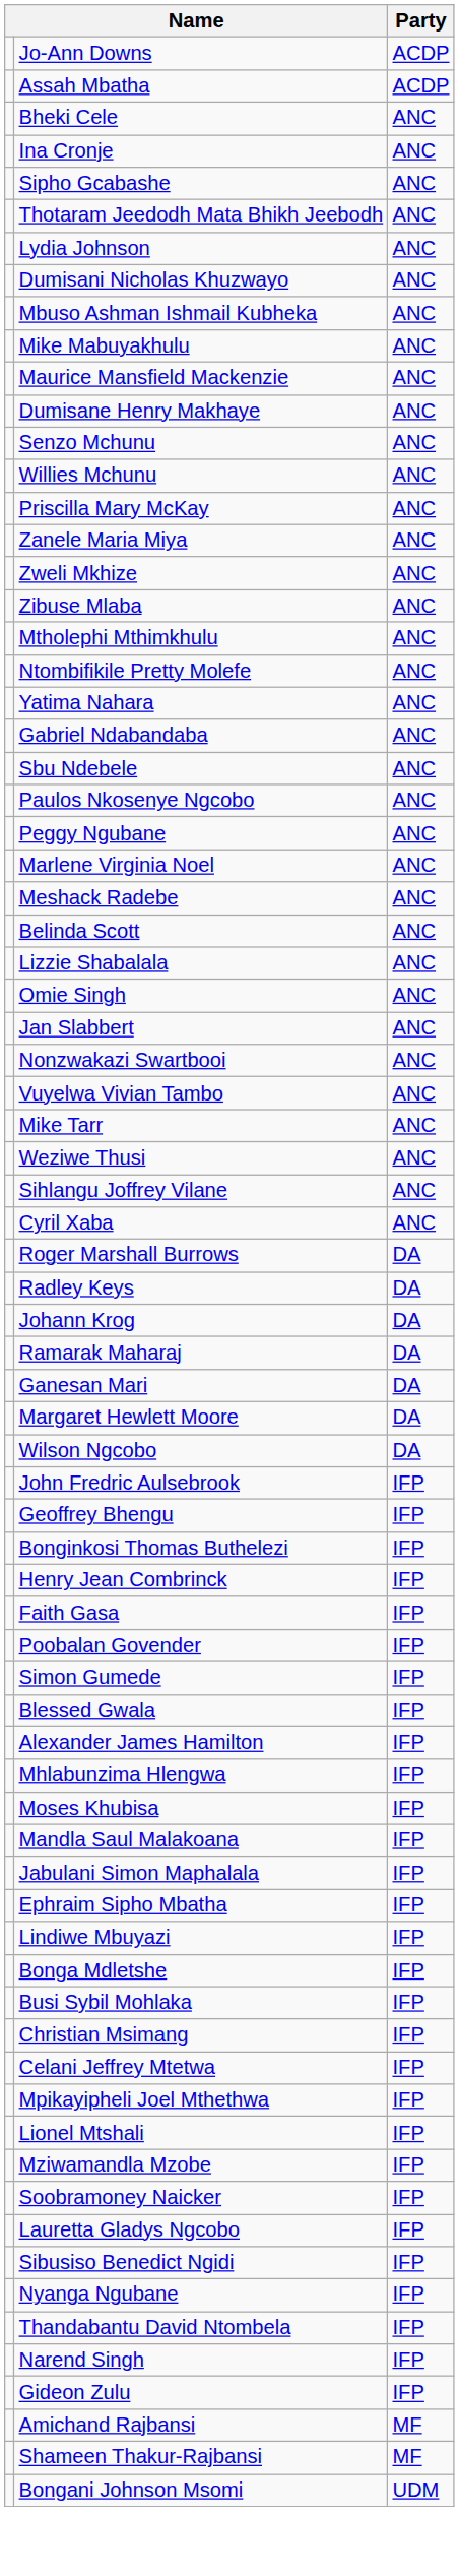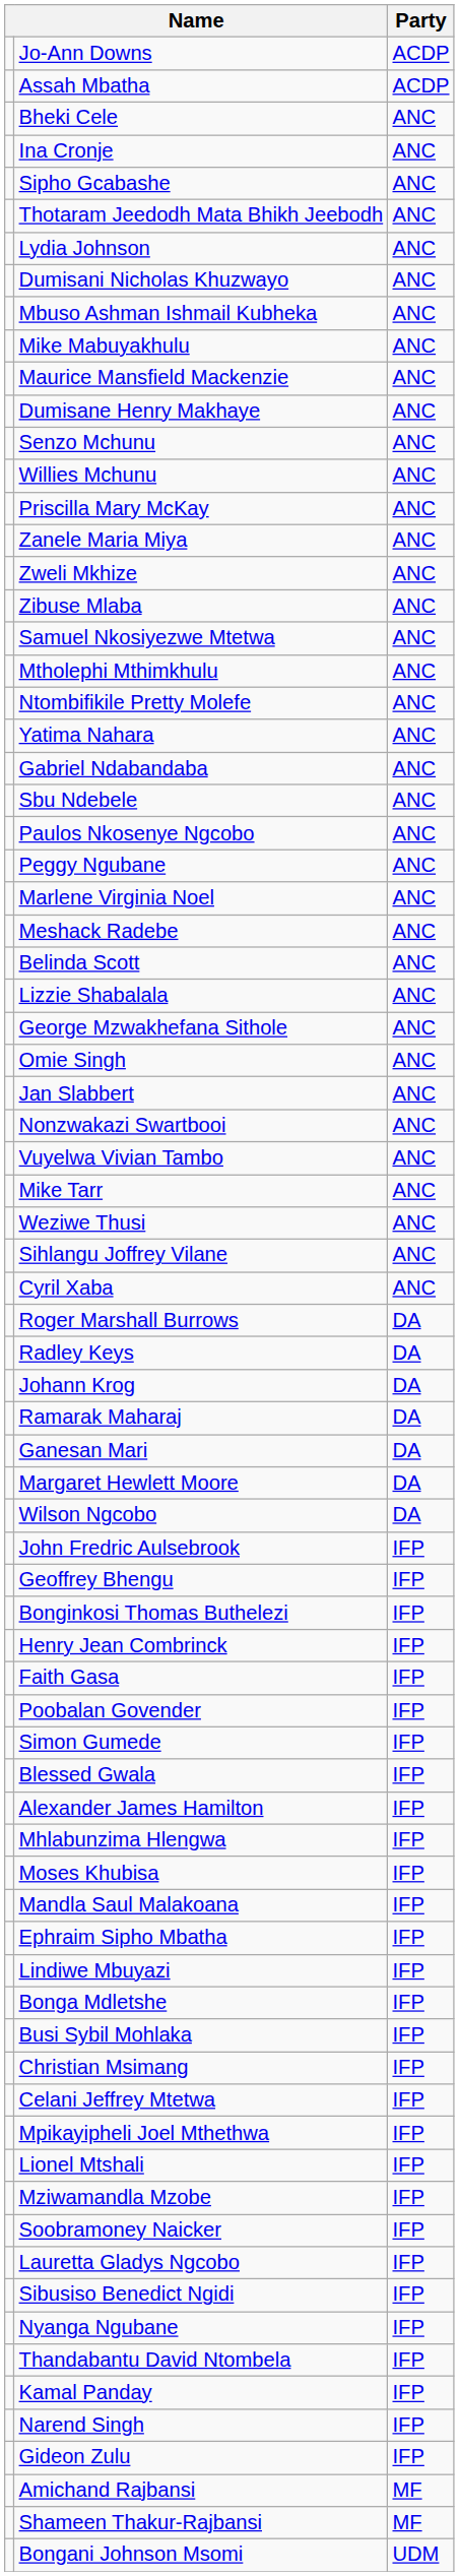 <table class="wikitable sortable plainrowheaders">
 <tr>
 <th colspan="2" scope="col">Name</th>
 <th scope="col">Party</th>
 </tr>
 <tr>
 <td style="background-color: "></td>
 <td><a href='#'>Jo-Ann Downs</a></td>
 <td><a href='#'>ACDP</a></td>
 </tr>
 <tr>
 <td style="background-color: "></td>
 <td><a href='#'>Assah Mbatha</a></td>
 <td><a href='#'>ACDP</a></td>
 </tr>
 <tr>
 <td style="background-color: "></td>
 <td><a href='#'>Bheki Cele</a></td>
 <td><a href='#'>ANC</a></td>
 </tr>
 <tr>
 <td style="background-color: "></td>
 <td><a href='#'>Ina Cronje</a></td>
 <td><a href='#'>ANC</a></td>
 </tr>
 <tr>
 <td style="background-color: "></td>
 <td><a href='#'>Sipho Gcabashe</a></td>
 <td><a href='#'>ANC</a></td>
 </tr>
 <tr>
 <td style="background-color: "></td>
 <td><a href='#'>Thotaram Jeedodh Mata Bhikh Jeebodh</a></td>
 <td><a href='#'>ANC</a></td>
 </tr>
 <tr>
 <td style="background-color: "></td>
 <td><a href='#'>Lydia Johnson</a></td>
 <td><a href='#'>ANC</a></td>
 </tr>
 <tr>
 <td style="background-color: "></td>
 <td><a href='#'>Dumisani Nicholas Khuzwayo</a></td>
 <td><a href='#'>ANC</a></td>
 </tr>
 <tr>
 <td style="background-color: "></td>
 <td><a href='#'>Mbuso Ashman Ishmail Kubheka</a></td>
 <td><a href='#'>ANC</a></td>
 </tr>
 <tr>
 <td style="background-color: "></td>
 <td><a href='#'>Mike Mabuyakhulu</a></td>
 <td><a href='#'>ANC</a></td>
 </tr>
 <tr>
 <td style="background-color: "></td>
 <td><a href='#'>Maurice Mansfield Mackenzie</a></td>
 <td><a href='#'>ANC</a></td>
 </tr>
 <tr>
 <td style="background-color: "></td>
 <td><a href='#'>Dumisane Henry Makhaye</a></td>
 <td><a href='#'>ANC</a></td>
 </tr>
 <tr>
 <td style="background-color: "></td>
 <td><a href='#'>Senzo Mchunu</a></td>
 <td><a href='#'>ANC</a></td>
 </tr>
 <tr>
 <td style="background-color: "></td>
 <td><a href='#'>Willies Mchunu</a></td>
 <td><a href='#'>ANC</a></td>
 </tr>
 <tr>
 <td style="background-color: "></td>
 <td><a href='#'>Priscilla Mary McKay</a></td>
 <td><a href='#'>ANC</a></td>
 </tr>
 <tr>
 <td style="background-color: "></td>
 <td><a href='#'>Zanele Maria Miya</a></td>
 <td><a href='#'>ANC</a></td>
 </tr>
 <tr>
 <td style="background-color: "></td>
 <td><a href='#'>Zweli Mkhize</a></td>
 <td><a href='#'>ANC</a></td>
 </tr>
 <tr>
 <td style="background-color: "></td>
 <td><a href='#'>Zibuse Mlaba</a></td>
 <td><a href='#'>ANC</a></td>
 </tr>
 <tr>
 <td style="background-color: "></td>
+<td><a href='#'>Samuel Nkosiyezwe Mtetwa</a></td>
+<td><a href='#'>ANC</a></td>
+</tr>
+<tr>
+<td style="background-color: "></td>
 <td><a href='#'>Mtholephi Mthimkhulu</a></td>
 <td><a href='#'>ANC</a></td>
 </tr>
 <tr>
 <td style="background-color: "></td>
 <td><a href='#'>Ntombifikile Pretty Molefe</a></td>
 <td><a href='#'>ANC</a></td>
 </tr>
 <tr>
 <td style="background-color: "></td>
 <td><a href='#'>Yatima Nahara</a></td>
 <td><a href='#'>ANC</a></td>
 </tr>
 <tr>
 <td style="background-color: "></td>
 <td><a href='#'>Gabriel Ndabandaba</a></td>
 <td><a href='#'>ANC</a></td>
 </tr>
 <tr>
 <td style="background-color: "></td>
 <td><a href='#'>Sbu Ndebele</a></td>
 <td><a href='#'>ANC</a></td>
 </tr>
 <tr>
 <td style="background-color: "></td>
 <td><a href='#'>Paulos Nkosenye Ngcobo</a></td>
 <td><a href='#'>ANC</a></td>
 </tr>
 <tr>
 <td style="background-color: "></td>
 <td><a href='#'>Peggy Ngubane</a></td>
 <td><a href='#'>ANC</a></td>
 </tr>
 <tr>
 <td style="background-color: "></td>
 <td><a href='#'>Marlene Virginia Noel</a></td>
 <td><a href='#'>ANC</a></td>
 </tr>
 <tr>
 <td style="background-color: "></td>
 <td><a href='#'>Meshack Radebe</a></td>
 <td><a href='#'>ANC</a></td>
 </tr>
 <tr>
 <td style="background-color: "></td>
 <td><a href='#'>Belinda Scott</a></td>
 <td><a href='#'>ANC</a></td>
 </tr>
 <tr>
 <td style="background-color: "></td>
 <td><a href='#'>Lizzie Shabalala</a></td>
+<td><a href='#'>ANC</a></td>
+</tr>
+<tr>
+<td style="background-color: "></td>
+<td><a href='#'>George Mzwakhefana Sithole</a></td>
 <td><a href='#'>ANC</a></td>
 </tr>
 <tr>
 <td style="background-color: "></td>
 <td><a href='#'>Omie Singh</a></td>
 <td><a href='#'>ANC</a></td>
 </tr>
 <tr>
 <td style="background-color: "></td>
 <td><a href='#'>Jan Slabbert</a></td>
 <td><a href='#'>ANC</a></td>
 </tr>
 <tr>
 <td style="background-color: "></td>
 <td><a href='#'>Nonzwakazi Swartbooi</a></td>
 <td><a href='#'>ANC</a></td>
 </tr>
 <tr>
 <td style="background-color: "></td>
 <td><a href='#'>Vuyelwa Vivian Tambo</a></td>
 <td><a href='#'>ANC</a></td>
 </tr>
 <tr>
 <td style="background-color: "></td>
 <td><a href='#'>Mike Tarr</a></td>
 <td><a href='#'>ANC</a></td>
 </tr>
 <tr>
 <td style="background-color: "></td>
 <td><a href='#'>Weziwe Thusi</a></td>
 <td><a href='#'>ANC</a></td>
 </tr>
 <tr>
 <td style="background-color: "></td>
 <td><a href='#'>Sihlangu Joffrey Vilane</a></td>
 <td><a href='#'>ANC</a></td>
 </tr>
 <tr>
 <td style="background-color: "></td>
 <td><a href='#'>Cyril Xaba</a></td>
 <td><a href='#'>ANC</a></td>
 </tr>
 <tr>
 <td></td>
 <td><a href='#'>Roger Marshall Burrows</a></td>
 <td><a href='#'>DA</a></td>
 </tr>
 <tr>
 <td></td>
 <td><a href='#'>Radley Keys</a></td>
 <td><a href='#'>DA</a></td>
 </tr>
 <tr>
 <td></td>
 <td><a href='#'>Johann Krog</a></td>
 <td><a href='#'>DA</a></td>
 </tr>
 <tr>
 <td></td>
 <td><a href='#'>Ramarak Maharaj</a></td>
 <td><a href='#'>DA</a></td>
 </tr>
 <tr>
 <td></td>
 <td><a href='#'>Ganesan Mari</a></td>
 <td><a href='#'>DA</a></td>
 </tr>
 <tr>
 <td></td>
 <td><a href='#'>Margaret Hewlett Moore</a></td>
 <td><a href='#'>DA</a></td>
 </tr>
 <tr>
 <td></td>
 <td><a href='#'>Wilson Ngcobo</a></td>
 <td><a href='#'>DA</a></td>
 </tr>
 <tr>
 <td style="background-color: "></td>
 <td><a href='#'>John Fredric Aulsebrook</a></td>
 <td><a href='#'>IFP</a></td>
 </tr>
 <tr>
 <td style="background-color: "></td>
 <td><a href='#'>Geoffrey Bhengu</a></td>
 <td><a href='#'>IFP</a></td>
 </tr>
 <tr>
 <td style="background-color: "></td>
 <td><a href='#'>Bonginkosi Thomas Buthelezi</a></td>
 <td><a href='#'>IFP</a></td>
 </tr>
 <tr>
 <td style="background-color: "></td>
 <td><a href='#'>Henry Jean Combrinck</a></td>
 <td><a href='#'>IFP</a></td>
 </tr>
 <tr>
 <td style="background-color: "></td>
 <td><a href='#'>Faith Gasa</a></td>
 <td><a href='#'>IFP</a></td>
 </tr>
 <tr>
 <td style="background-color: "></td>
 <td><a href='#'>Poobalan Govender</a></td>
 <td><a href='#'>IFP</a></td>
 </tr>
 <tr>
 <td style="background-color: "></td>
 <td><a href='#'>Simon Gumede</a></td>
 <td><a href='#'>IFP</a></td>
 </tr>
 <tr>
 <td style="background-color: "></td>
 <td><a href='#'>Blessed Gwala</a></td>
 <td><a href='#'>IFP</a></td>
 </tr>
 <tr>
 <td style="background-color: "></td>
 <td><a href='#'>Alexander James Hamilton</a></td>
 <td><a href='#'>IFP</a></td>
 </tr>
 <tr>
 <td style="background-color: "></td>
 <td><a href='#'>Mhlabunzima Hlengwa</a></td>
 <td><a href='#'>IFP</a></td>
 </tr>
 <tr>
 <td style="background-color: "></td>
 <td><a href='#'>Moses Khubisa</a></td>
 <td><a href='#'>IFP</a></td>
 </tr>
 <tr>
 <td style="background-color: "></td>
 <td><a href='#'>Mandla Saul Malakoana</a></td>
 <td><a href='#'>IFP</a></td>
 </tr>
 <tr>
 <td style="background-color: "></td>
-<td><a href='#'>Jabulani Simon Maphalala</a></td>
-<td><a href='#'>IFP</a></td>
-</tr>
-<tr>
-<td style="background-color: "></td>
 <td><a href='#'>Ephraim Sipho Mbatha</a></td>
 <td><a href='#'>IFP</a></td>
 </tr>
 <tr>
 <td style="background-color: "></td>
 <td><a href='#'>Lindiwe Mbuyazi</a></td>
 <td><a href='#'>IFP</a></td>
 </tr>
 <tr>
 <td style="background-color: "></td>
 <td><a href='#'>Bonga Mdletshe</a></td>
 <td><a href='#'>IFP</a></td>
 </tr>
 <tr>
 <td style="background-color: "></td>
 <td><a href='#'>Busi Sybil Mohlaka</a></td>
 <td><a href='#'>IFP</a></td>
 </tr>
 <tr>
 <td style="background-color: "></td>
 <td><a href='#'>Christian Msimang</a></td>
 <td><a href='#'>IFP</a></td>
 </tr>
 <tr>
 <td style="background-color: "></td>
 <td><a href='#'>Celani Jeffrey Mtetwa</a></td>
 <td><a href='#'>IFP</a></td>
 </tr>
 <tr>
 <td style="background-color: "></td>
 <td><a href='#'>Mpikayipheli Joel Mthethwa</a></td>
 <td><a href='#'>IFP</a></td>
 </tr>
 <tr>
 <td style="background-color: "></td>
 <td><a href='#'>Lionel Mtshali</a></td>
 <td><a href='#'>IFP</a></td>
 </tr>
 <tr>
 <td style="background-color: "></td>
 <td><a href='#'>Mziwamandla Mzobe</a></td>
 <td><a href='#'>IFP</a></td>
 </tr>
 <tr>
 <td style="background-color: "></td>
 <td><a href='#'>Soobramoney Naicker</a></td>
 <td><a href='#'>IFP</a></td>
 </tr>
 <tr>
 <td style="background-color: "></td>
 <td><a href='#'>Lauretta Gladys Ngcobo</a></td>
 <td><a href='#'>IFP</a></td>
 </tr>
 <tr>
 <td style="background-color: "></td>
 <td><a href='#'>Sibusiso Benedict Ngidi</a></td>
 <td><a href='#'>IFP</a></td>
 </tr>
 <tr>
 <td style="background-color: "></td>
 <td><a href='#'>Nyanga Ngubane</a></td>
 <td><a href='#'>IFP</a></td>
 </tr>
 <tr>
 <td style="background-color: "></td>
 <td><a href='#'>Thandabantu David Ntombela</a></td>
 <td><a href='#'>IFP</a></td>
 </tr>
 <tr>
 <td style="background-color: "></td>
+<td><a href='#'>Kamal Panday</a></td>
+<td><a href='#'>IFP</a></td>
+</tr>
+<tr>
+<td style="background-color: "></td>
 <td><a href='#'>Narend Singh</a></td>
 <td><a href='#'>IFP</a></td>
 </tr>
 <tr>
 <td style="background-color: "></td>
 <td><a href='#'>Gideon Zulu</a></td>
 <td><a href='#'>IFP</a></td>
 </tr>
 <tr>
 <td style="background-color: "></td>
 <td><a href='#'>Amichand Rajbansi</a></td>
 <td><a href='#'>MF</a></td>
 </tr>
 <tr>
 <td style="background-color: "></td>
 <td><a href='#'>Shameen Thakur-Rajbansi</a></td>
 <td><a href='#'>MF</a></td>
 </tr>
 <tr>
 <td></td>
 <td><a href='#'>Bongani Johnson Msomi</a></td>
 <td><a href='#'>UDM</a></td>
 </tr>
 </table>
